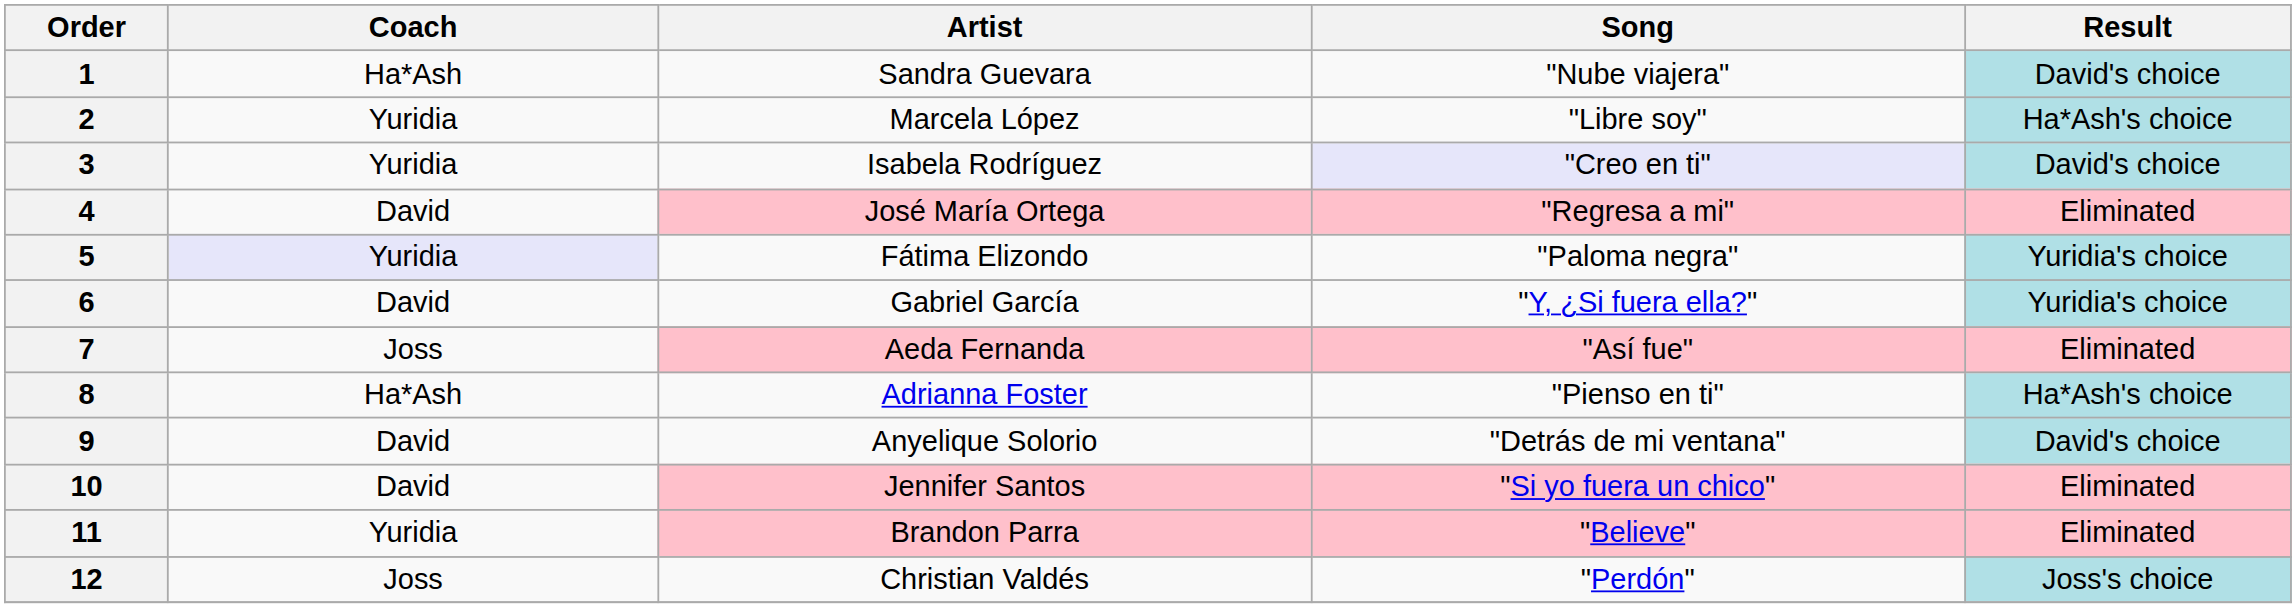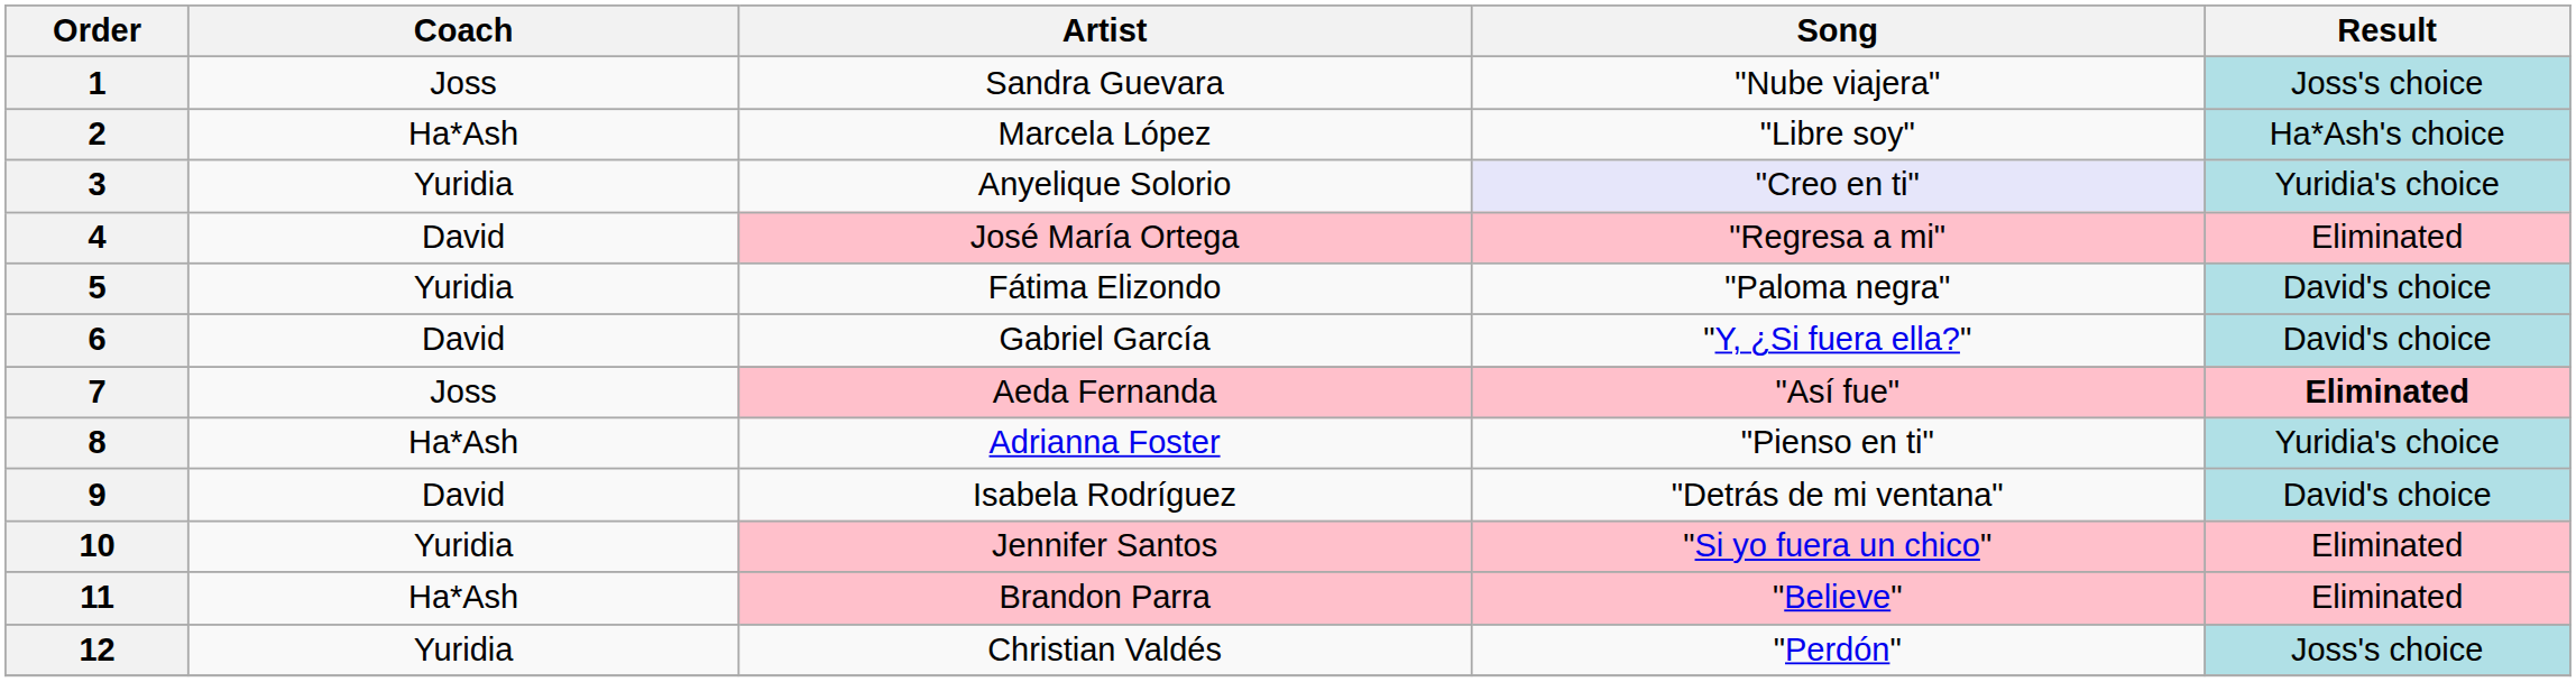 <table class="wikitable plainrowheaders" style="text-align:center; width:100%">
 <tr>
 <th style="width:05%">Order</th>
 <th style="width:15%">Coach</th>
 <th style="width:20%">Artist</th>
 <th style="width:20%">Song</th>
 <th style="width:10%">Result</th>
 </tr>
 <tr>
 <th>1</th>
-<td>Ha*Ash</td>
+<td>Joss</td>
 <td>Sandra Guevara</td>
 <td>"Nube viajera"</td>
-<td style="background:#b0e0e6">David's choice</td>
+<td style="background:#b0e0e6">Joss's choice</td>
 </tr>
 <tr>
 <th>2</th>
-<td>Yuridia</td>
+<td>Ha*Ash</td>
 <td>Marcela López</td>
 <td>"Libre soy"</td>
 <td style="background:#b0e0e6">Ha*Ash's choice</td>
 </tr>
 <tr>
 <th>3</th>
 <td>Yuridia</td>
-<td>Isabela Rodríguez</td>
+<td>Anyelique Solorio</td>
 <td style="background: lavender;">"Creo en ti"</td>
-<td style="background:#b0e0e6">David's choice</td>
+<td style="background:#b0e0e6">Yuridia's choice</td>
 </tr>
 <tr>
 <th>4</th>
 <td>David</td>
 <td style="background:pink">José María Ortega</td>
 <td style="background:pink">"Regresa a mi"</td>
 <td style="background:pink">Eliminated</td>
 </tr>
 <tr>
 <th>5</th>
-<td style="background: lavender;">Yuridia</td>
+<td>Yuridia</td>
 <td>Fátima Elizondo</td>
 <td>"Paloma negra"</td>
-<td style="background:#b0e0e6">Yuridia's choice</td>
+<td style="background:#b0e0e6">David's choice</td>
 </tr>
 <tr>
 <th>6</th>
 <td>David</td>
 <td>Gabriel García</td>
 <td>"<a href='#'>Y, ¿Si fuera ella?</a>"</td>
-<td style="background:#b0e0e6">Yuridia's choice</td>
+<td style="background:#b0e0e6">David's choice</td>
 </tr>
 <tr>
 <th>7</th>
 <td>Joss</td>
 <td style="background:pink">Aeda Fernanda</td>
 <td style="background:pink">"Así fue"</td>
-<td style="background:pink">Eliminated</td>
+<td style="background:pink"><strong>Eliminated</strong></td>
 </tr>
 <tr>
 <th>8</th>
 <td>Ha*Ash</td>
 <td><a href='#'>Adrianna Foster</a></td>
 <td>"Pienso en ti"</td>
-<td style="background:#b0e0e6">Ha*Ash's choice</td>
+<td style="background:#b0e0e6">Yuridia's choice</td>
 </tr>
 <tr>
 <th>9</th>
 <td>David</td>
-<td>Anyelique Solorio</td>
+<td>Isabela Rodríguez</td>
 <td>"Detrás de mi ventana"</td>
 <td style="background:#b0e0e6">David's choice</td>
 </tr>
 <tr>
 <th>10</th>
-<td>David</td>
+<td>Yuridia</td>
 <td style="background:pink">Jennifer Santos</td>
 <td style="background:pink">"<a href='#'>Si yo fuera un chico</a>"</td>
 <td style="background:pink">Eliminated</td>
 </tr>
 <tr>
 <th>11</th>
-<td>Yuridia</td>
+<td>Ha*Ash</td>
 <td style="background:pink">Brandon Parra</td>
 <td style="background:pink">"<a href='#'>Believe</a>"</td>
 <td style="background:pink">Eliminated</td>
 </tr>
 <tr>
 <th>12</th>
-<td>Joss</td>
+<td>Yuridia</td>
 <td>Christian Valdés</td>
 <td>"<a href='#'>Perdón</a>"</td>
 <td style="background:#b0e0e6">Joss's choice</td>
 </tr>
 <tr>
 </tr>
 </table>
